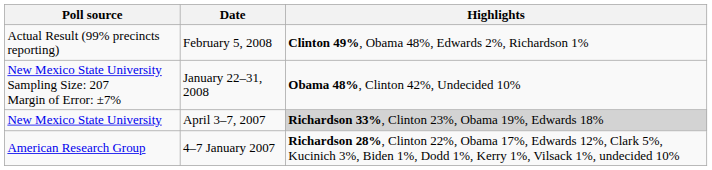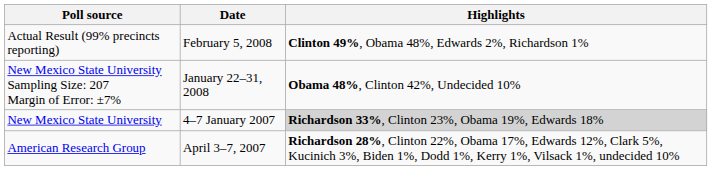 <table class="wikitable sortable">
 <tr>
 <th width="25%">Poll source</th>
 <th width="15%">Date</th>
 <th width="60%">Highlights</th>
 </tr>
 <tr>
 <td>Actual Result (99% precincts reporting)</td>
 <td>February 5, 2008</td>
 <td><strong>Clinton 49%</strong>, Obama 48%, Edwards 2%, Richardson 1%</td>
 </tr>
 <tr>
 <td><a href='#'>New Mexico State University</a><br>Sampling Size: 207<br> Margin of Error: ±7%</td>
 <td>January 22–31, 2008</td>
 <td><strong>Obama  48%</strong>, Clinton 42%, Undecided 10%</td>
 </tr>
 <tr>
 <td><a href='#'>New Mexico State University</a></td>
-<td>April 3–7, 2007</td>
+<td>4–7 January 2007</td>
 <td style="background: lightgrey;"><strong>Richardson 33%</strong>, Clinton 23%, Obama 19%, Edwards 18%</td>
 </tr>
 <tr>
 <td><a href='#'>American Research Group</a></td>
-<td>4–7 January 2007</td>
+<td>April 3–7, 2007</td>
 <td><strong>Richardson 28%</strong>, Clinton 22%, Obama 17%, Edwards 12%, Clark 5%, Kucinich 3%, Biden 1%, Dodd 1%, Kerry 1%, Vilsack 1%, undecided 10%</td>
 </tr>
 </table>
